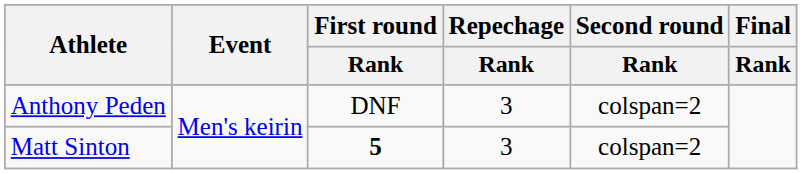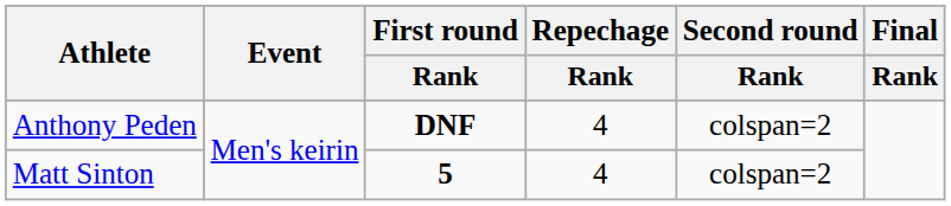 <table class=wikitable style=font-size:90%;text-align:center>
 <tr>
 <th rowspan=2>Athlete</th>
 <th rowspan=2>Event</th>
 <th>First round</th>
 <th>Repechage</th>
 <th>Second round</th>
 <th>Final</th>
 </tr>
 <tr style=font-size:95%>
 <th>Rank</th>
 <th>Rank</th>
 <th>Rank</th>
 <th>Rank</th>
 </tr>
 <tr>
 <td align=left><a href='#'>Anthony Peden</a></td>
 <td align=left rowspan=2><a href='#'>Men's keirin</a></td>
-<td>DNF</td>
-<td>3</td>
+<td><strong>DNF</strong></td>
+<td>4</td>
 <td>colspan=2 </td>
 </tr>
 <tr>
 <td align=left><a href='#'>Matt Sinton</a></td>
 <td><strong>5</strong></td>
-<td>3</td>
+<td>4</td>
 <td>colspan=2 </td>
 </tr>
 </table>
